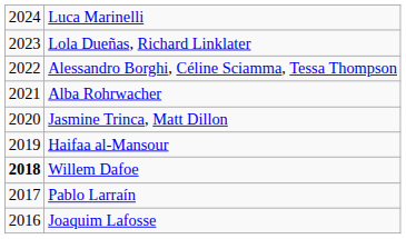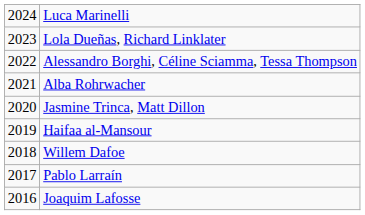 <table class="wikitable">
 <tr>
 <td>2024</td>
 <td><a href='#'>Luca Marinelli</a></td>
 </tr>
 <tr>
 <td>2023</td>
 <td><a href='#'>Lola Dueñas</a>, <a href='#'>Richard Linklater</a></td>
 </tr>
 <tr>
 <td>2022</td>
 <td><a href='#'>Alessandro Borghi</a>, <a href='#'>Céline Sciamma</a>, <a href='#'>Tessa Thompson</a></td>
 </tr>
 <tr>
 <td>2021</td>
 <td><a href='#'>Alba Rohrwacher</a></td>
 </tr>
 <tr>
 <td>2020</td>
 <td><a href='#'>Jasmine Trinca</a>, <a href='#'>Matt Dillon</a></td>
 </tr>
 <tr>
 <td>2019</td>
 <td><a href='#'>Haifaa al-Mansour</a></td>
 </tr>
 <tr>
-<td><strong>2018</strong></td>
+<td>2018</td>
 <td><a href='#'>Willem Dafoe</a></td>
 </tr>
 <tr>
 <td>2017</td>
 <td><a href='#'>Pablo Larraín</a></td>
 </tr>
 <tr>
 <td>2016</td>
 <td><a href='#'>Joaquim Lafosse</a></td>
 </tr>
 </table>
